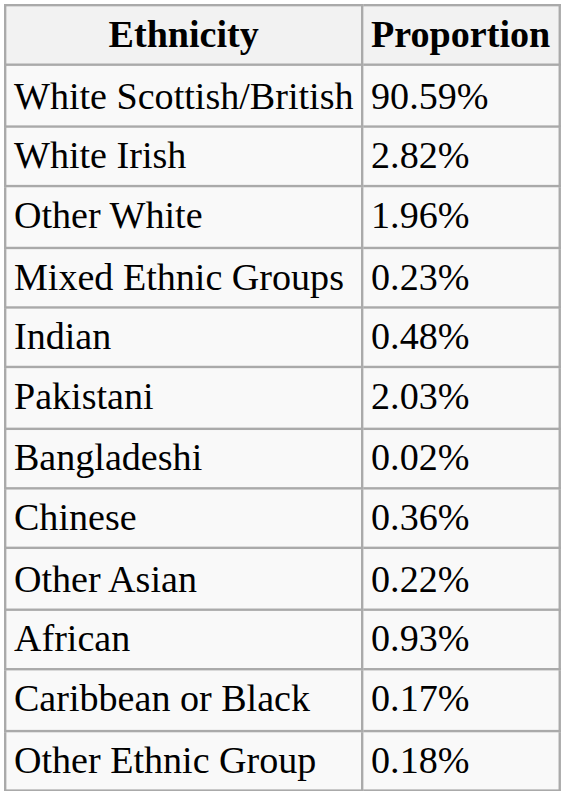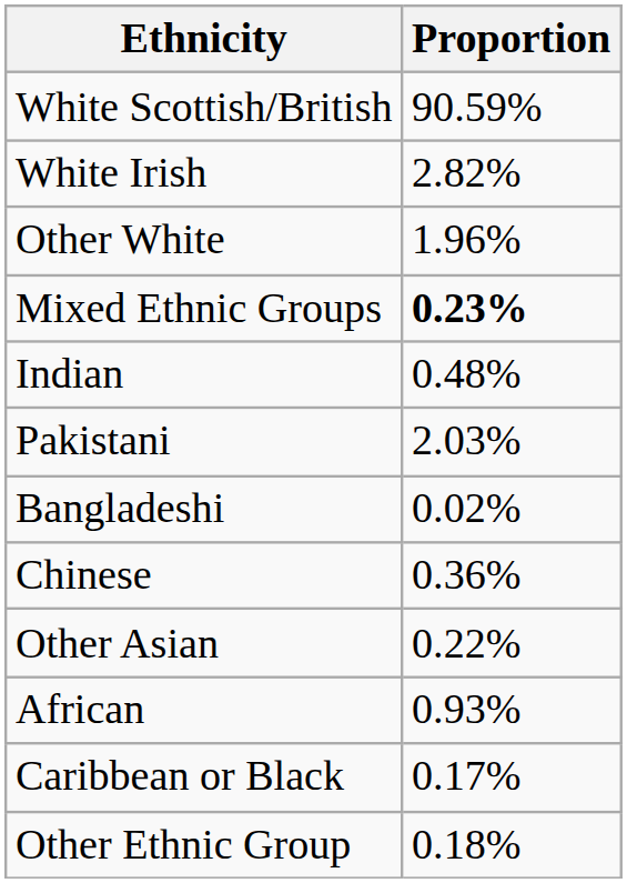 <table class="wikitable">
 <tr>
 <th>Ethnicity</th>
 <th>Proportion</th>
 </tr>
 <tr>
 <td>White Scottish/British</td>
 <td>90.59%</td>
 </tr>
 <tr>
 <td>White Irish</td>
 <td>2.82%</td>
 </tr>
 <tr>
 <td>Other White</td>
 <td>1.96%</td>
 </tr>
 <tr>
 <td>Mixed Ethnic Groups</td>
-<td>0.23%</td>
+<td><strong>0.23%</strong></td>
 </tr>
 <tr>
 <td>Indian</td>
 <td>0.48%</td>
 </tr>
 <tr>
 <td>Pakistani</td>
 <td>2.03%</td>
 </tr>
 <tr>
 <td>Bangladeshi</td>
 <td>0.02%</td>
 </tr>
 <tr>
 <td>Chinese</td>
 <td>0.36%</td>
 </tr>
 <tr>
 <td>Other Asian</td>
 <td>0.22%</td>
 </tr>
 <tr>
 <td>African</td>
 <td>0.93%</td>
 </tr>
 <tr>
 <td>Caribbean or Black</td>
 <td>0.17%</td>
 </tr>
 <tr>
 <td>Other Ethnic Group</td>
 <td>0.18%</td>
 </tr>
 </table>
